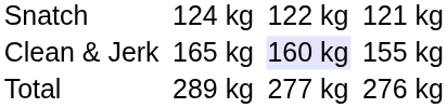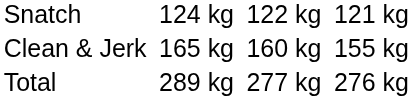 <table>
 <tr>
 <td>Snatch</td>
 <td></td>
 <td>124 kg</td>
 <td></td>
 <td>122 kg</td>
 <td></td>
 <td>121 kg</td>
 </tr>
 <tr>
 <td>Clean & Jerk</td>
 <td></td>
 <td>165 kg</td>
 <td></td>
-<td style="background: lavender;">160 kg</td>
+<td>160 kg</td>
 <td></td>
 <td>155 kg</td>
 </tr>
 <tr>
 <td>Total</td>
 <td></td>
 <td>289 kg</td>
 <td></td>
 <td>277 kg</td>
 <td></td>
 <td>276 kg</td>
 </tr>
 </table>
